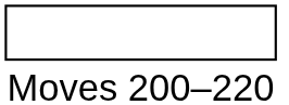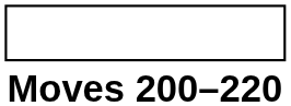 <table style="display:inline; display:inline-table;">
 <tr>
 <td style="border: solid thin; padding: 2px;"><br></td>
 </tr>
 <tr>
-<td style="text-align:center">Moves 200–220</td>
+<td style="text-align:center"><strong>Moves 200–220</strong></td>
 </tr>
 </table>
